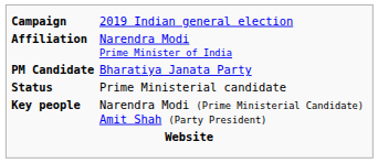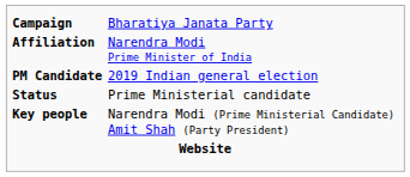 <table class="infobox vcard" style="width: 32em; text-align: left; font-size:90%">
 <tr>
 <td style="text-align: center;" colspan="2"></td>
 </tr>
 <tr>
 <th>Campaign</th>
-<td><a href='#'>2019 Indian general election</a></td>
+<td><a href='#'>Bharatiya Janata Party</a></td>
 </tr>
 <tr>
 <th>Affiliation</th>
 <td><a href='#'>Narendra Modi</a><br> <small><a href='#'>Prime Minister of India</a></small></td>
 </tr>
 <tr>
 <th>PM Candidate</th>
-<td><a href='#'>Bharatiya Janata Party</a></td>
+<td><a href='#'>2019 Indian general election</a></td>
 </tr>
 <tr>
 <th>Status</th>
 <td>Prime Ministerial candidate</td>
 </tr>
 <tr>
 <th>Key people</th>
 <td>Narendra Modi <small>(Prime Ministerial Candidate)</small><br><a href='#'>Amit Shah</a> <small>(Party President)</small></td>
 </tr>
 <tr>
 <th class="note" colspan="2" style="text-align: center;">Website</th>
 </tr>
 <tr>
 <td class="url" colspan="2" style="text-align: center;"></td>
 </tr>
 <tr>
 <td style="text-align: center;" colspan="2"></td>
 </tr>
 </table>
